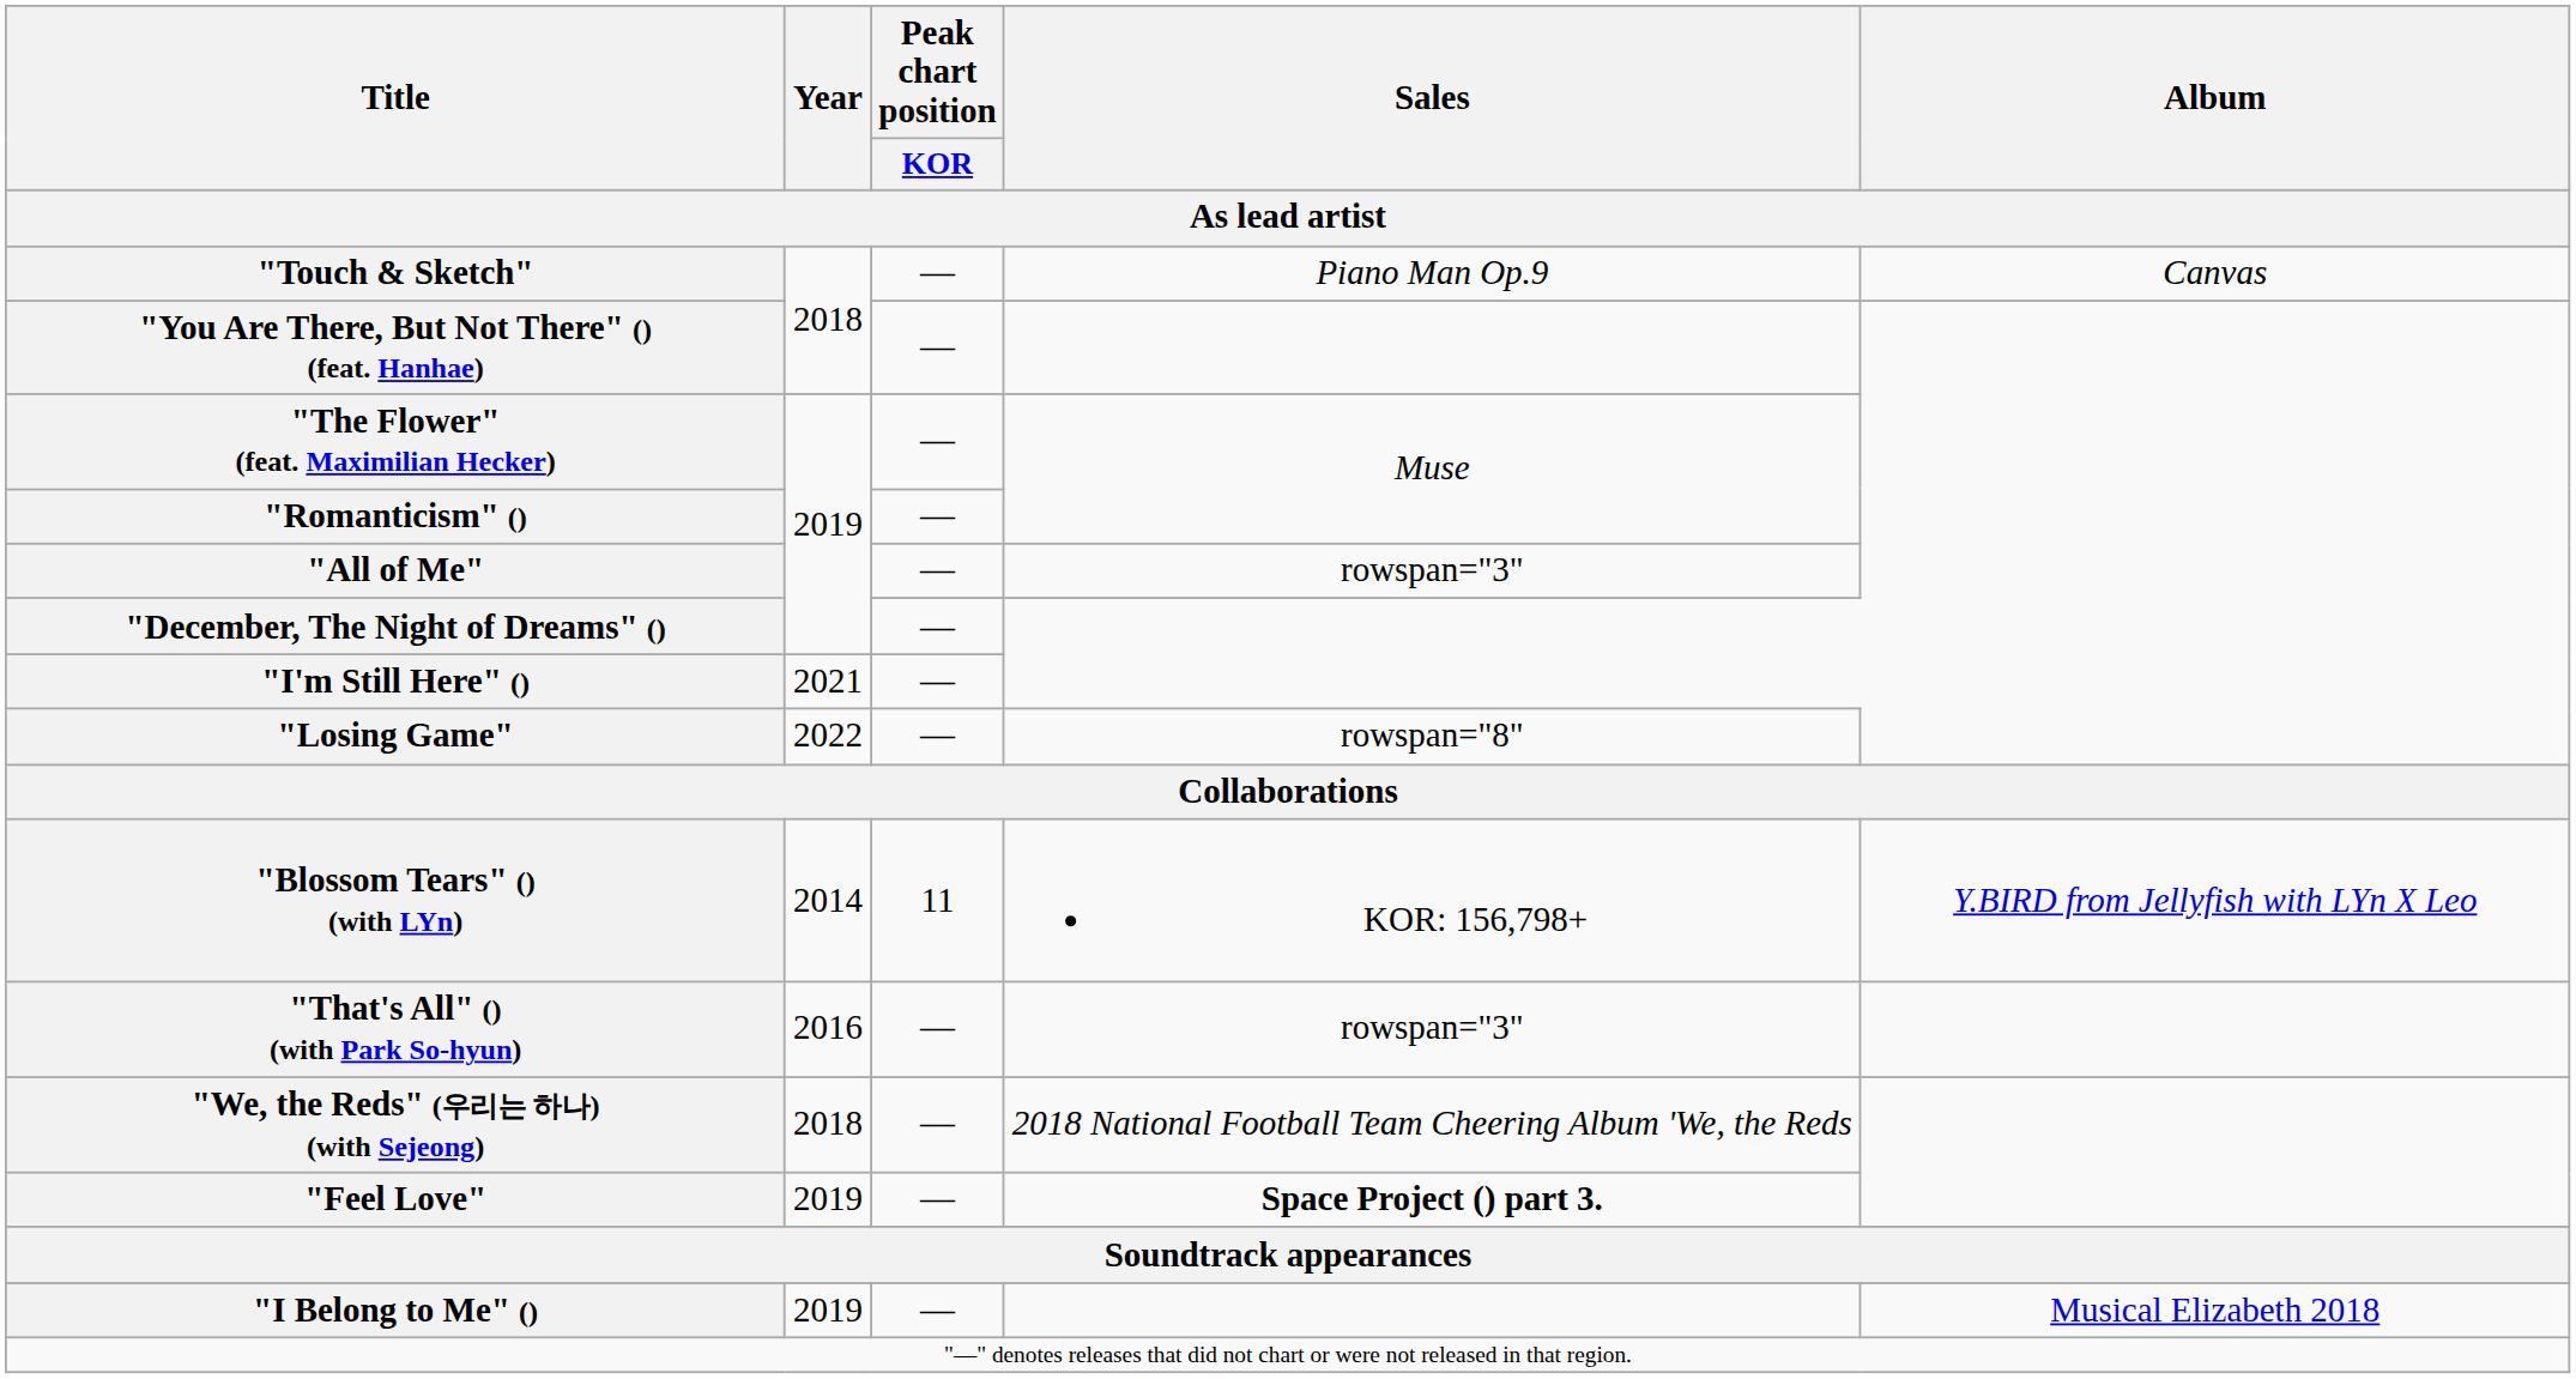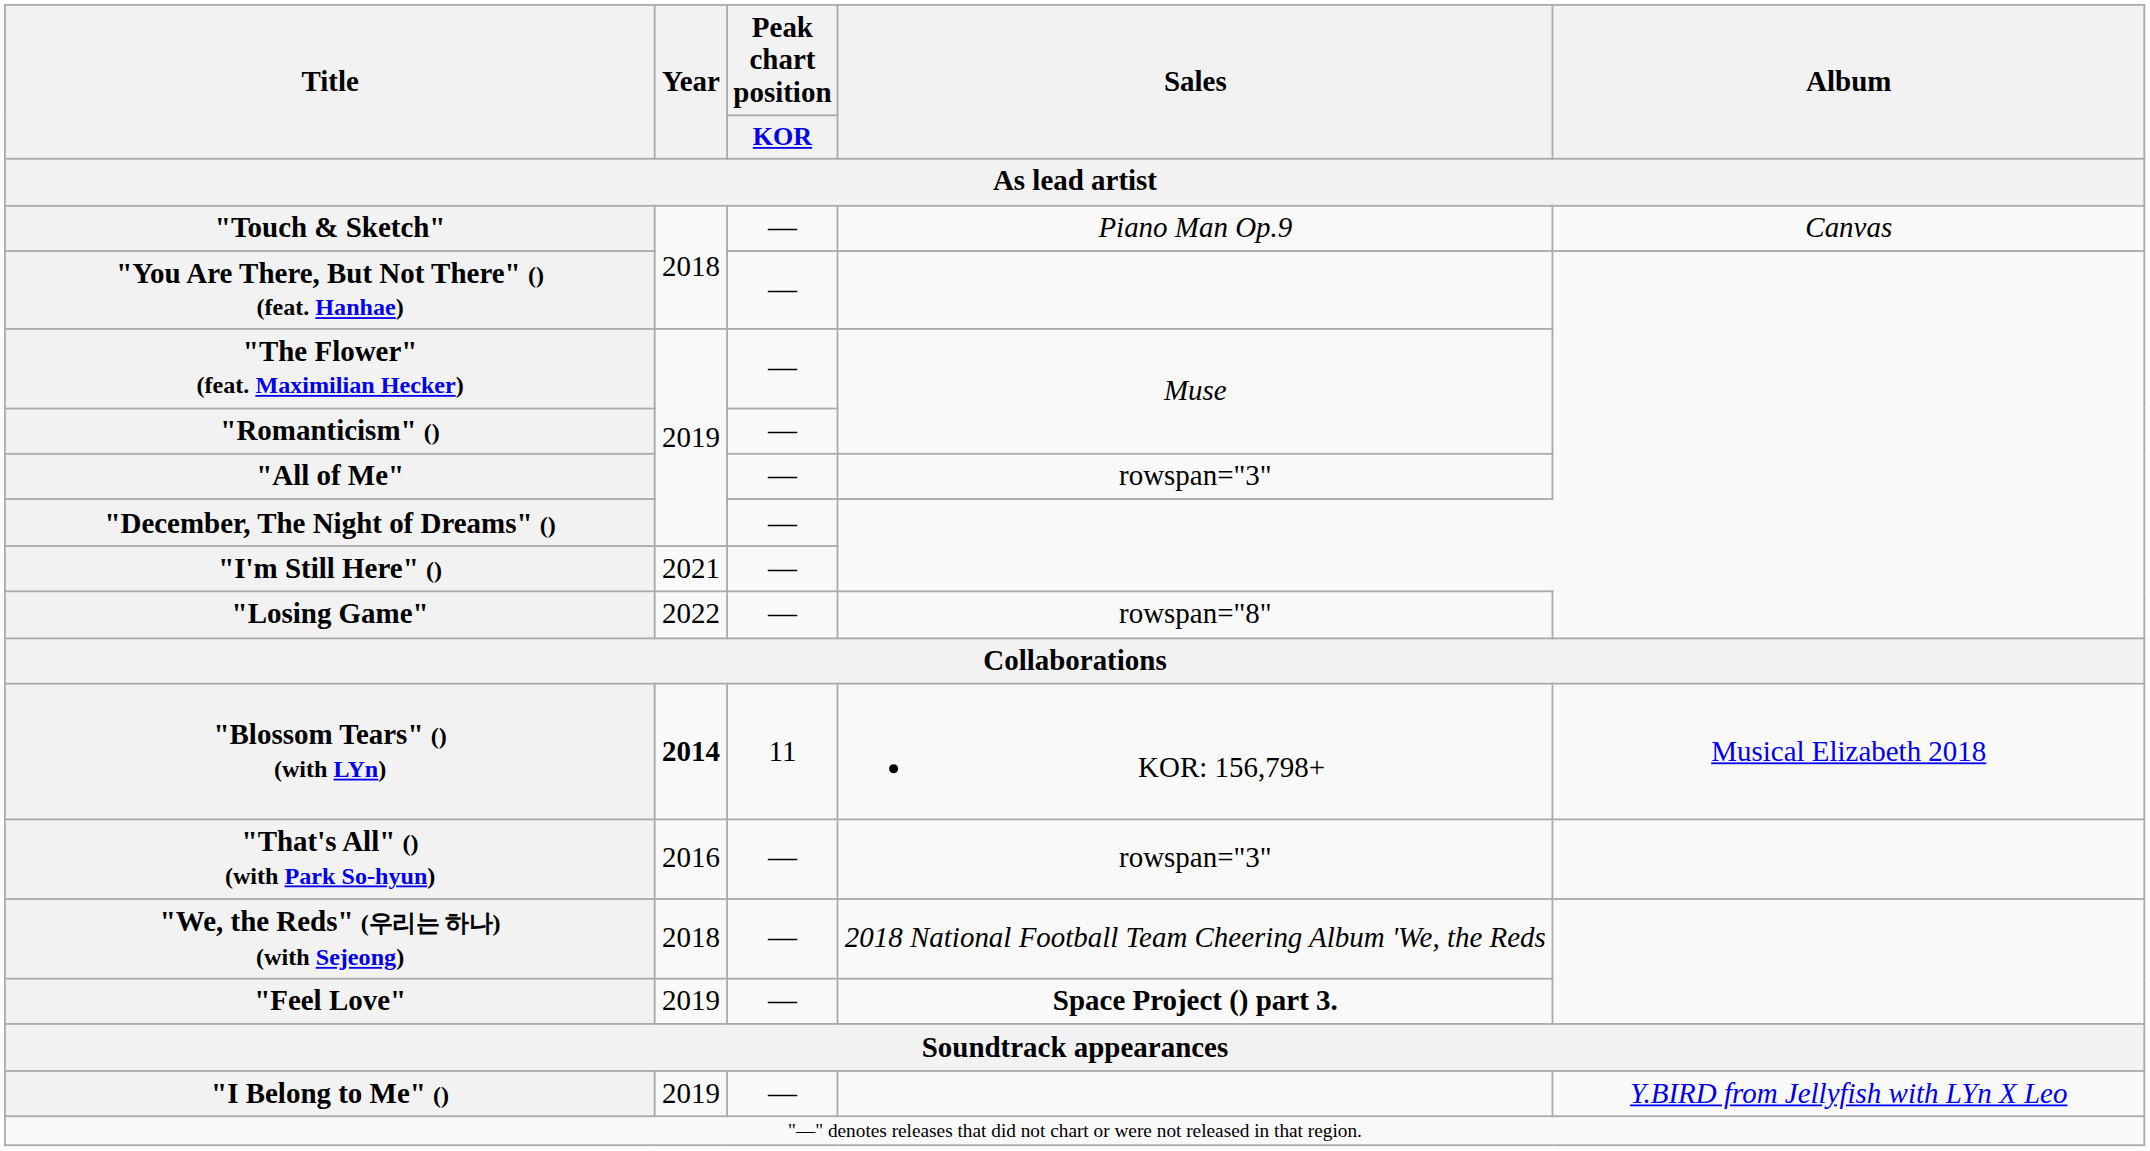 <table class="wikitable plainrowheaders" style="text-align:center">
 <tr>
 <th scope="col" rowspan="2" style="width:22em;">Title</th>
 <th scope="col" rowspan="2">Year</th>
 <th scope="col">Peak chart position</th>
 <th scope="col" rowspan="2">Sales</th>
 <th scope="col" rowspan="2" style="width:20em;">Album</th>
 </tr>
 <tr>
 <th style="width:3em;font-size:90%"><a href='#'>KOR</a><br></th>
 </tr>
 <tr>
 <th colspan="5">As lead artist</th>
 </tr>
 <tr>
 <th scope="row">"Touch & Sketch"</th>
 <td rowspan="2">2018</td>
 <td>—</td>
 <td><em>Piano Man Op.9</em></td>
 <td><em>Canvas</em></td>
 </tr>
 <tr>
 <th scope="row">"You Are There, But Not There" <small>()<br>(feat. <a href='#'>Hanhae</a>)</small></th>
 <td>—</td>
 <td></td>
 </tr>
 <tr>
 <th scope="row">"The Flower"<br><small> (feat. <a href='#'>Maximilian Hecker</a>)</small></th>
 <td rowspan="4">2019</td>
 <td>—</td>
 <td rowspan="2"><em>Muse</em></td>
 </tr>
 <tr>
 <th scope="row">"Romanticism" <small>()</small></th>
 <td>—</td>
 </tr>
 <tr>
 <th scope="row">"All of Me"</th>
 <td>—</td>
 <td>rowspan="3" </td>
 </tr>
 <tr>
 <th scope="row">"December, The Night of Dreams" <small>()</small></th>
 <td>—</td>
 </tr>
 <tr>
 <th scope="row">"I'm Still Here" <small>()</small></th>
 <td>2021</td>
 <td>—</td>
 </tr>
 <tr>
 <th scope="row">"Losing Game"</th>
 <td>2022</td>
 <td>—</td>
 <td>rowspan="8" </td>
 </tr>
 <tr>
 <th colspan="5">Collaborations</th>
 </tr>
 <tr>
 <th scope="row">"Blossom Tears" <small>()</small><br><small>(with <a href='#'>LYn</a>)</small></th>
-<td>2014</td>
+<td><strong>2014</strong></td>
 <td>11</td>
 <td><br><ul><li>KOR: 156,798+</li></ul></td>
-<td><em><a href='#'>Y.BIRD from Jellyfish with LYn X Leo</a></em></td>
+<td></em><a href='#'>Musical Elizabeth 2018</a><em></td>
 </tr>
 <tr>
 <th scope="row">"That's All" <small>()</small><br><small>(with <a href='#'>Park So-hyun</a>)</small></th>
 <td>2016</td>
 <td>—</td>
 <td>rowspan="3" </td>
 <td></td>
 </tr>
 <tr>
 <th scope="row">"We, the Reds" <small>(우리는 하나)</small> <br><small>(with <a href='#'>Sejeong</a>)</small></th>
 <td>2018</td>
 <td>—</td>
 <td><em>2018 National Football Team Cheering Album 'We, the Reds<strong></td>
 </tr>
 <tr>
 <th scope="row">"Feel Love"</th>
 <td>2019</td>
 <td>—</td>
 <td><strong></em>Space Project () part 3.<em></strong></td>
 </tr>
 <tr>
 <th colspan="5">Soundtrack appearances</th>
 </tr>
 <tr>
 <th scope="row">"I Belong to Me" <small>()</small></th>
 <td>2019</td>
 <td>—</td>
 <td></td>
-<td></em><a href='#'>Musical Elizabeth 2018</a><em></td>
+<td><em><a href='#'>Y.BIRD from Jellyfish with LYn X Leo</a></em></td>
 </tr>
 <tr>
 <td align="center" colspan="6" style="font-size:8pt">"—" denotes releases that did not chart or were not released in that region.</td>
 </tr>
 </table>
